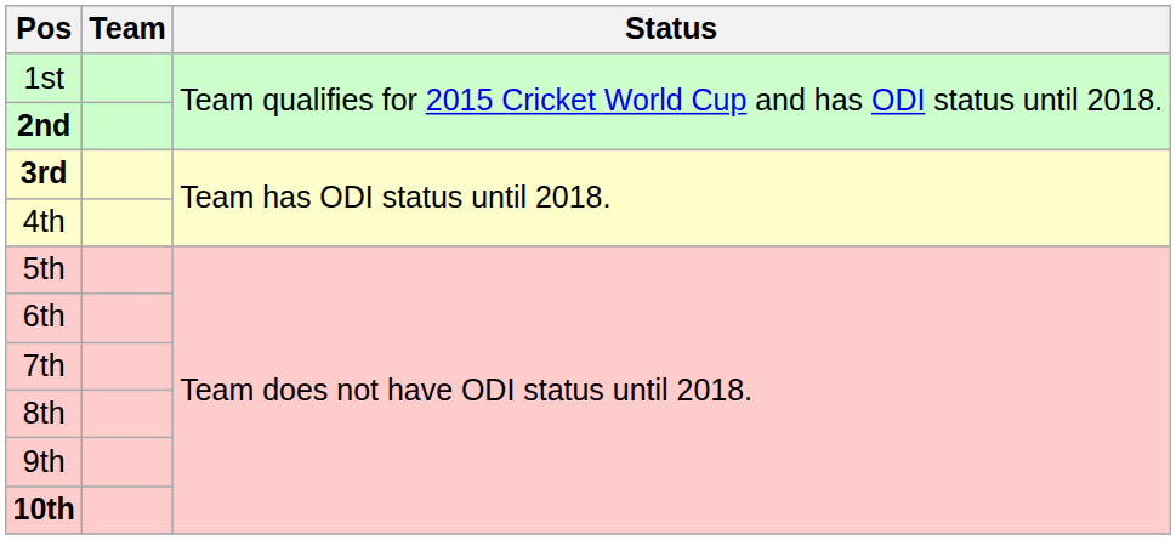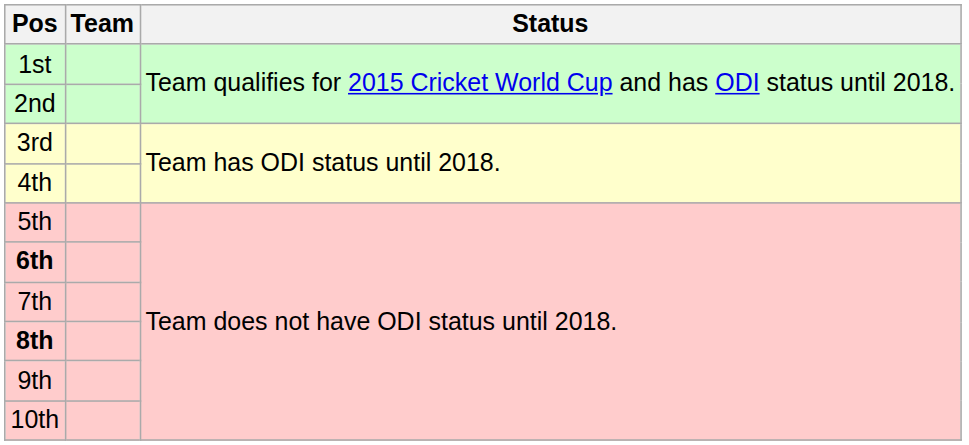 <table class="wikitable">
 <tr>
 <th>Pos</th>
 <th>Team</th>
 <th>Status</th>
 </tr>
 <tr style="background: #cfc">
 <td style="text-align:center;">1st</td>
 <td></td>
 <td rowspan="2">Team qualifies for <a href='#'>2015 Cricket World Cup</a> and has <a href='#'>ODI</a> status until 2018.</td>
 </tr>
 <tr style="background: #cfc">
-<td style="text-align:center;"><strong>2nd</strong></td>
+<td style="text-align:center;">2nd</td>
 <td></td>
 </tr>
 <tr style="background: #ffc">
-<td style="text-align:center;"><strong>3rd</strong></td>
+<td style="text-align:center;">3rd</td>
 <td></td>
 <td rowspan="2">Team has ODI status until 2018.</td>
 </tr>
 <tr style="background: #ffc">
 <td style="text-align:center;">4th</td>
 <td></td>
 </tr>
 <tr style="background: #fcc">
 <td style="text-align:center;">5th</td>
 <td></td>
 <td rowspan="6">Team does not have ODI status until 2018.</td>
 </tr>
 <tr style="background: #fcc">
-<td style="text-align:center;">6th</td>
+<td style="text-align:center;"><strong>6th</strong></td>
 <td></td>
 </tr>
 <tr style="background:#fcc;">
 <td style="text-align:center;">7th</td>
 <td></td>
 </tr>
 <tr style="background: #fcc">
-<td style="text-align:center;">8th</td>
+<td style="text-align:center;"><strong>8th</strong></td>
 <td></td>
 </tr>
 <tr style="background: #fcc">
 <td style="text-align:center;">9th</td>
 <td></td>
 </tr>
 <tr style="background: #fcc">
-<td style="text-align:center;"><strong>10th</strong></td>
+<td style="text-align:center;">10th</td>
 <td></td>
 </tr>
 </table>
